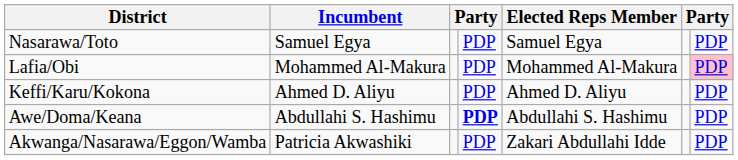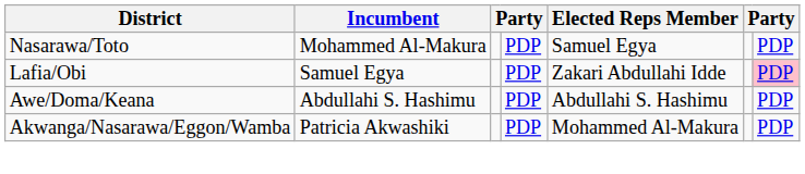 <table class="sortable wikitable" style="font-size:95%;line-height:14px;">
 <tr>
 <th class="unsortable">District</th>
 <th class="unsortable"><a href='#'>Incumbent</a></th>
 <th colspan="2">Party</th>
 <th class="unsortable">Elected Reps Member</th>
 <th colspan="2">Party</th>
 </tr>
 <tr>
 <td>Nasarawa/Toto</td>
-<td>Samuel Egya</td>
+<td>Mohammed Al-Makura</td>
 <td style="background:"></td>
 <td><a href='#'>PDP</a></td>
 <td>Samuel Egya</td>
 <td style="background:"></td>
 <td><a href='#'>PDP</a></td>
 </tr>
 <tr>
 <td>Lafia/Obi</td>
-<td>Mohammed Al-Makura</td>
+<td>Samuel Egya</td>
 <td style="background:"></td>
 <td><a href='#'>PDP</a></td>
-<td>Mohammed Al-Makura</td>
+<td>Zakari Abdullahi Idde</td>
 <td style="background:"></td>
 <td style="background: pink;"><a href='#'>PDP</a></td>
-</tr>
-<tr>
-<td>Keffi/Karu/Kokona</td>
-<td>Ahmed D. Aliyu</td>
-<td style="background:"></td>
-<td><a href='#'>PDP</a></td>
-<td>Ahmed D. Aliyu</td>
-<td style="background:"></td>
-<td><a href='#'>PDP</a></td>
 </tr>
 <tr>
 <td>Awe/Doma/Keana</td>
 <td>Abdullahi S. Hashimu</td>
 <td style="background:"></td>
-<td><strong><a href='#'>PDP</a></strong></td>
+<td><a href='#'>PDP</a></td>
 <td>Abdullahi S. Hashimu</td>
 <td style="background:"></td>
 <td><a href='#'>PDP</a></td>
 </tr>
 <tr>
 <td>Akwanga/Nasarawa/Eggon/Wamba</td>
 <td>Patricia Akwashiki</td>
 <td style="background:"></td>
 <td><a href='#'>PDP</a></td>
-<td>Zakari Abdullahi Idde</td>
+<td>Mohammed Al-Makura</td>
 <td style="background:"></td>
 <td><a href='#'>PDP</a></td>
 </tr>
 </table>
